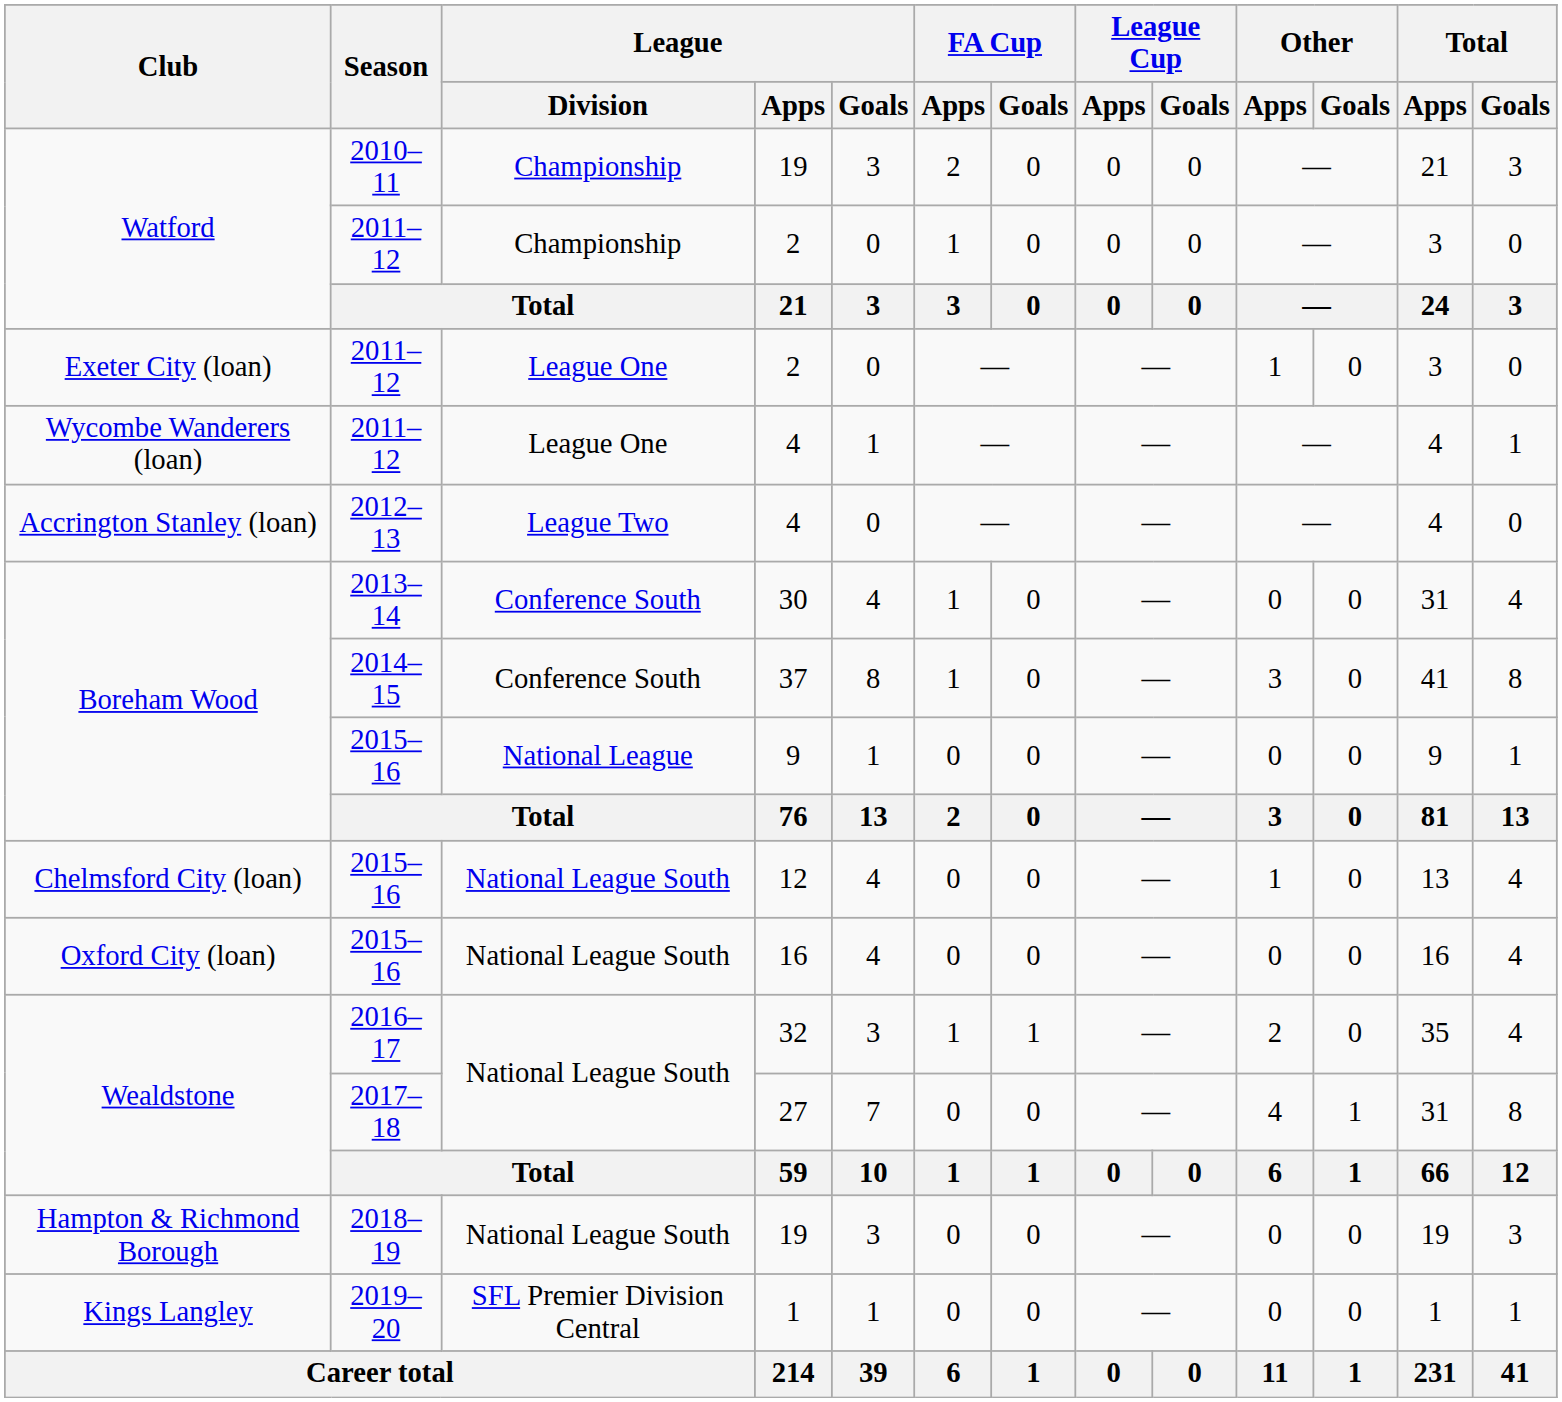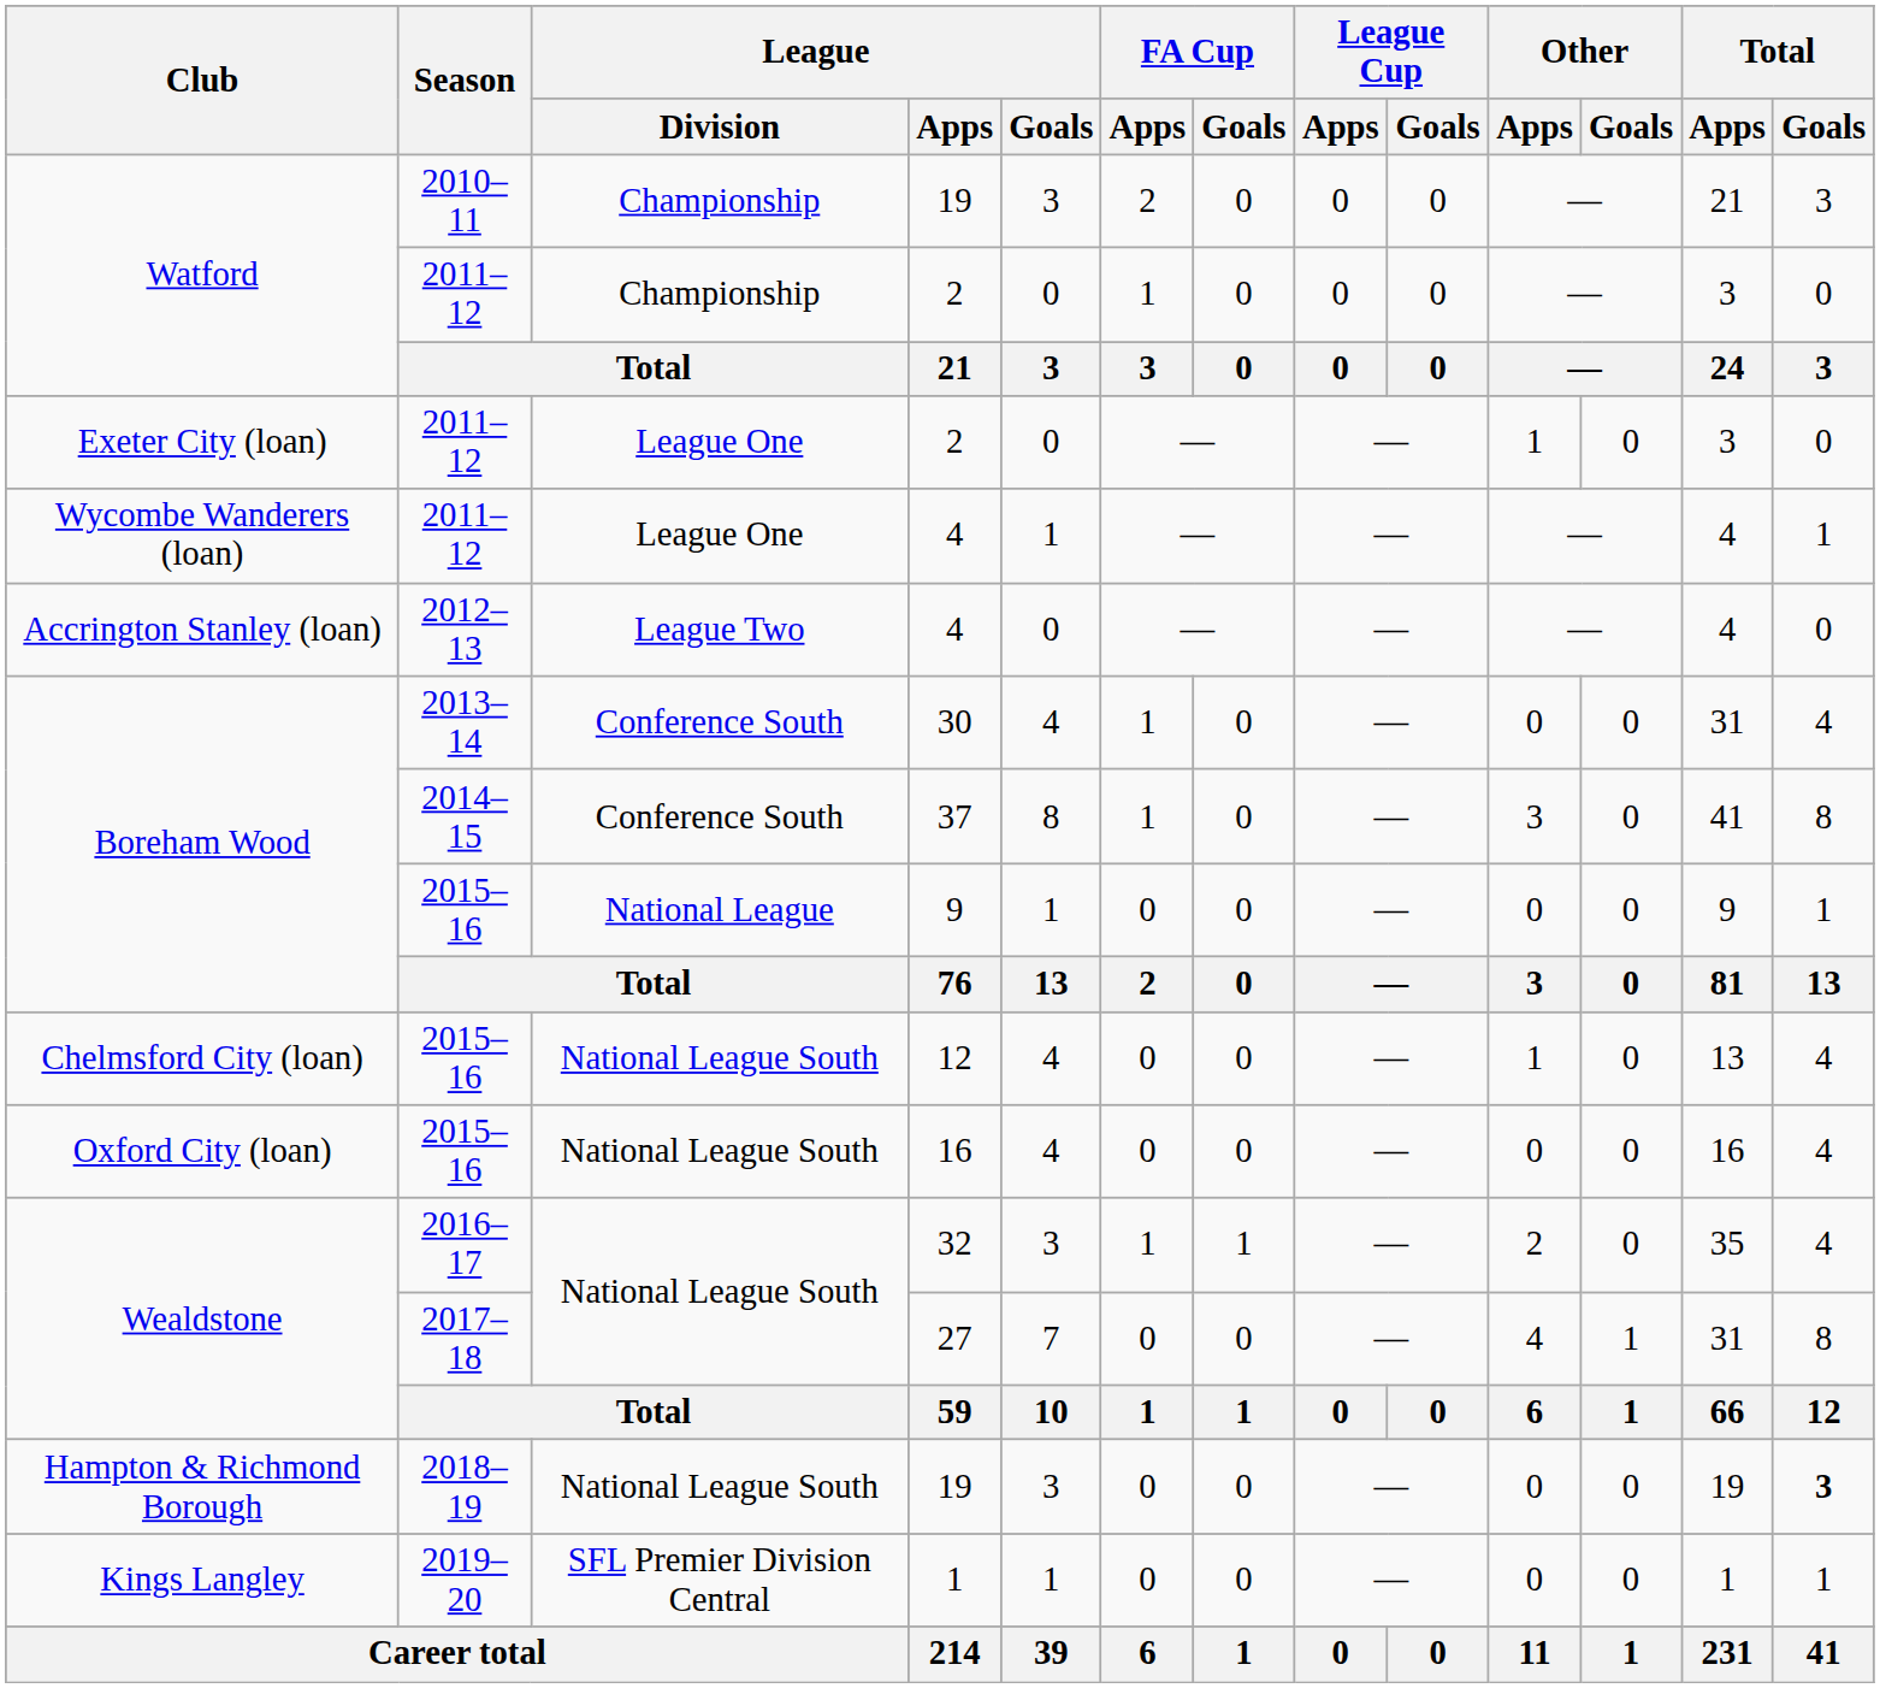 <table class="wikitable" style="text-align: center">
 <tr>
 <th rowspan="2">Club</th>
 <th rowspan="2">Season</th>
 <th colspan="3">League</th>
 <th colspan="2"><a href='#'>FA Cup</a></th>
 <th colspan="2"><a href='#'>League Cup</a></th>
 <th colspan="2">Other</th>
 <th colspan="2">Total</th>
 </tr>
 <tr>
 <th>Division</th>
 <th>Apps</th>
 <th>Goals</th>
 <th>Apps</th>
 <th>Goals</th>
 <th>Apps</th>
 <th>Goals</th>
 <th>Apps</th>
 <th>Goals</th>
 <th>Apps</th>
 <th>Goals</th>
 </tr>
 <tr>
 <td rowspan="3"><a href='#'>Watford</a></td>
 <td><a href='#'>2010–11</a></td>
 <td><a href='#'>Championship</a></td>
 <td>19</td>
 <td>3</td>
 <td>2</td>
 <td>0</td>
 <td>0</td>
 <td>0</td>
 <td colspan="2">—</td>
 <td>21</td>
 <td>3</td>
 </tr>
 <tr>
 <td><a href='#'>2011–12</a></td>
 <td>Championship</td>
 <td>2</td>
 <td>0</td>
 <td>1</td>
 <td>0</td>
 <td>0</td>
 <td>0</td>
 <td colspan="2">—</td>
 <td>3</td>
 <td>0</td>
 </tr>
 <tr>
 <th colspan="2">Total</th>
 <th>21</th>
 <th>3</th>
 <th>3</th>
 <th>0</th>
 <th>0</th>
 <th>0</th>
 <th colspan="2">—</th>
 <th>24</th>
 <th>3</th>
 </tr>
 <tr>
 <td><a href='#'>Exeter City</a> (loan)</td>
 <td><a href='#'>2011–12</a></td>
 <td><a href='#'>League One</a></td>
 <td>2</td>
 <td>0</td>
 <td colspan="2">—</td>
 <td colspan="2">—</td>
 <td>1</td>
 <td>0</td>
 <td>3</td>
 <td>0</td>
 </tr>
 <tr>
 <td><a href='#'>Wycombe Wanderers</a> (loan)</td>
 <td><a href='#'>2011–12</a></td>
 <td>League One</td>
 <td>4</td>
 <td>1</td>
 <td colspan="2">—</td>
 <td colspan="2">—</td>
 <td colspan="2">—</td>
 <td>4</td>
 <td>1</td>
 </tr>
 <tr>
 <td><a href='#'>Accrington Stanley</a> (loan)</td>
 <td><a href='#'>2012–13</a></td>
 <td><a href='#'>League Two</a></td>
 <td>4</td>
 <td>0</td>
 <td colspan="2">—</td>
 <td colspan="2">—</td>
 <td colspan="2">—</td>
 <td>4</td>
 <td>0</td>
 </tr>
 <tr>
 <td rowspan="4"><a href='#'>Boreham Wood</a></td>
 <td><a href='#'>2013–14</a></td>
 <td><a href='#'>Conference South</a></td>
 <td>30</td>
 <td>4</td>
 <td>1</td>
 <td>0</td>
 <td colspan="2">—</td>
 <td>0</td>
 <td>0</td>
 <td>31</td>
 <td>4</td>
 </tr>
 <tr>
 <td><a href='#'>2014–15</a></td>
 <td>Conference South</td>
 <td>37</td>
 <td>8</td>
 <td>1</td>
 <td>0</td>
 <td colspan="2">—</td>
 <td>3</td>
 <td>0</td>
 <td>41</td>
 <td>8</td>
 </tr>
 <tr>
 <td><a href='#'>2015–16</a></td>
 <td><a href='#'>National League</a></td>
 <td>9</td>
 <td>1</td>
 <td>0</td>
 <td>0</td>
 <td colspan="2">—</td>
 <td>0</td>
 <td>0</td>
 <td>9</td>
 <td>1</td>
 </tr>
 <tr>
 <th colspan="2">Total</th>
 <th>76</th>
 <th>13</th>
 <th>2</th>
 <th>0</th>
 <th colspan="2">—</th>
 <th>3</th>
 <th>0</th>
 <th>81</th>
 <th>13</th>
 </tr>
 <tr>
 <td><a href='#'>Chelmsford City</a> (loan)</td>
 <td><a href='#'>2015–16</a></td>
 <td><a href='#'>National League South</a></td>
 <td>12</td>
 <td>4</td>
 <td>0</td>
 <td>0</td>
 <td colspan="2">—</td>
 <td>1</td>
 <td>0</td>
 <td>13</td>
 <td>4</td>
 </tr>
 <tr>
 <td><a href='#'>Oxford City</a> (loan)</td>
 <td><a href='#'>2015–16</a></td>
 <td>National League South</td>
 <td>16</td>
 <td>4</td>
 <td>0</td>
 <td>0</td>
 <td colspan="2">—</td>
 <td>0</td>
 <td>0</td>
 <td>16</td>
 <td>4</td>
 </tr>
 <tr>
 <td rowspan="3"><a href='#'>Wealdstone</a></td>
 <td><a href='#'>2016–17</a></td>
 <td rowspan="2">National League South</td>
 <td>32</td>
 <td>3</td>
 <td>1</td>
 <td>1</td>
 <td colspan="2">—</td>
 <td>2</td>
 <td>0</td>
 <td>35</td>
 <td>4</td>
 </tr>
 <tr>
 <td><a href='#'>2017–18</a></td>
 <td>27</td>
 <td>7</td>
 <td>0</td>
 <td>0</td>
 <td colspan="2">—</td>
 <td>4</td>
 <td>1</td>
 <td>31</td>
 <td>8</td>
 </tr>
 <tr>
 <th colspan="2">Total</th>
 <th>59</th>
 <th>10</th>
 <th>1</th>
 <th>1</th>
 <th>0</th>
 <th>0</th>
 <th>6</th>
 <th>1</th>
 <th>66</th>
 <th>12</th>
 </tr>
 <tr>
 <td><a href='#'>Hampton & Richmond Borough</a></td>
 <td><a href='#'>2018–19</a></td>
 <td>National League South</td>
 <td>19</td>
 <td>3</td>
 <td>0</td>
 <td>0</td>
 <td colspan="2">—</td>
 <td>0</td>
 <td>0</td>
 <td>19</td>
-<td>3</td>
+<td><strong>3</strong></td>
 </tr>
 <tr>
 <td><a href='#'>Kings Langley</a></td>
 <td><a href='#'>2019–20</a></td>
 <td><a href='#'>SFL</a> Premier Division Central</td>
 <td>1</td>
 <td>1</td>
 <td>0</td>
 <td>0</td>
 <td colspan="2">—</td>
 <td>0</td>
 <td>0</td>
 <td>1</td>
 <td>1</td>
 </tr>
 <tr>
 <th colspan="3">Career total</th>
 <th>214</th>
 <th>39</th>
 <th>6</th>
 <th>1</th>
 <th>0</th>
 <th>0</th>
 <th>11</th>
 <th>1</th>
 <th>231</th>
 <th>41</th>
 </tr>
 </table>
